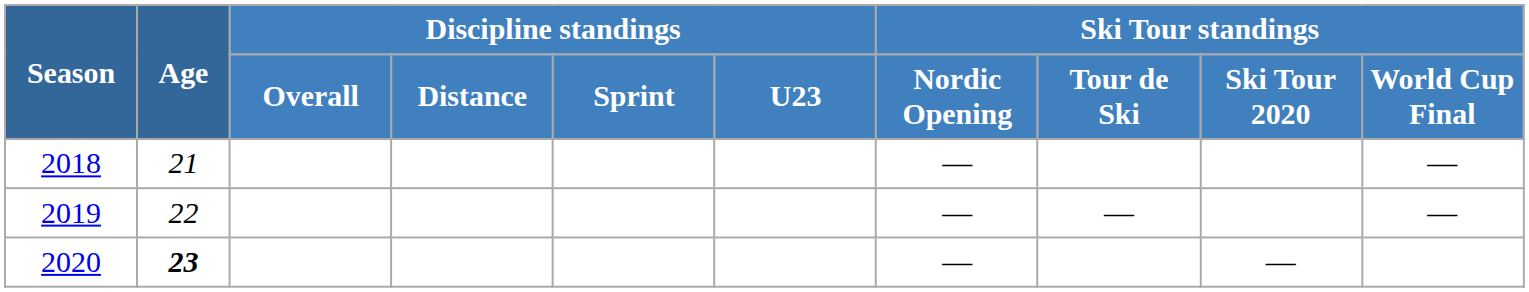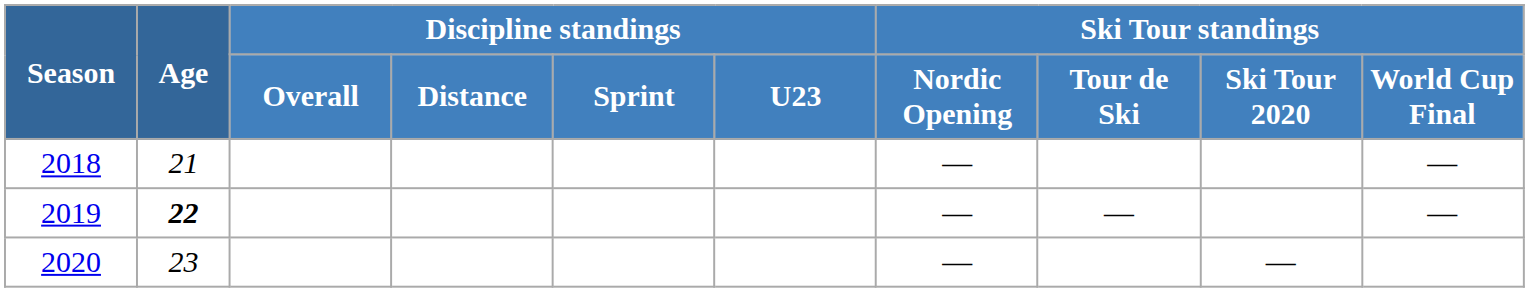 <table class="wikitable" style="font-size:95%; text-align:center; border:grey solid 1px; border-collapse:collapse; background:#ffffff;">
 <tr>
 <th style="background-color:#369; color:white; width:60px;" rowspan="2"> Season </th>
 <th style="background-color:#369; color:white; width:40px;" rowspan="2"> Age </th>
 <th style="background-color:#4180be; color:white;" colspan="4">Discipline standings</th>
 <th style="background-color:#4180be; color:white;" colspan="4">Ski Tour standings</th>
 </tr>
 <tr>
 <th style="background-color:#4180be; color:white; width:75px;">Overall</th>
 <th style="background-color:#4180be; color:white; width:75px;">Distance</th>
 <th style="background-color:#4180be; color:white; width:75px;">Sprint</th>
 <th style="background-color:#4180be; color:white; width:75px;">U23</th>
 <th style="background-color:#4180be; color:white; width:75px;">Nordic<br>Opening</th>
 <th style="background-color:#4180be; color:white; width:75px;">Tour de<br>Ski</th>
 <th style="background-color:#4180be; color:white; width:75px;">Ski Tour<br>2020</th>
 <th style="background-color:#4180be; color:white; width:75px;">World Cup<br>Final</th>
 </tr>
 <tr>
 <td><a href='#'>2018</a></td>
 <td><em>21</em></td>
 <td></td>
 <td></td>
 <td></td>
 <td></td>
 <td>—</td>
 <td></td>
 <td></td>
 <td>—</td>
 </tr>
 <tr>
 <td><a href='#'>2019</a></td>
-<td><em>22</em></td>
+<td><strong><em>22</em></strong></td>
 <td></td>
 <td></td>
 <td></td>
 <td></td>
 <td>—</td>
 <td>—</td>
 <td></td>
 <td>—</td>
 </tr>
 <tr>
 <td><a href='#'>2020</a></td>
-<td><strong><em>23</em></strong></td>
+<td><em>23</em></td>
 <td></td>
 <td></td>
 <td></td>
 <td></td>
 <td>—</td>
 <td></td>
 <td>—</td>
 <td></td>
 </tr>
 </table>
